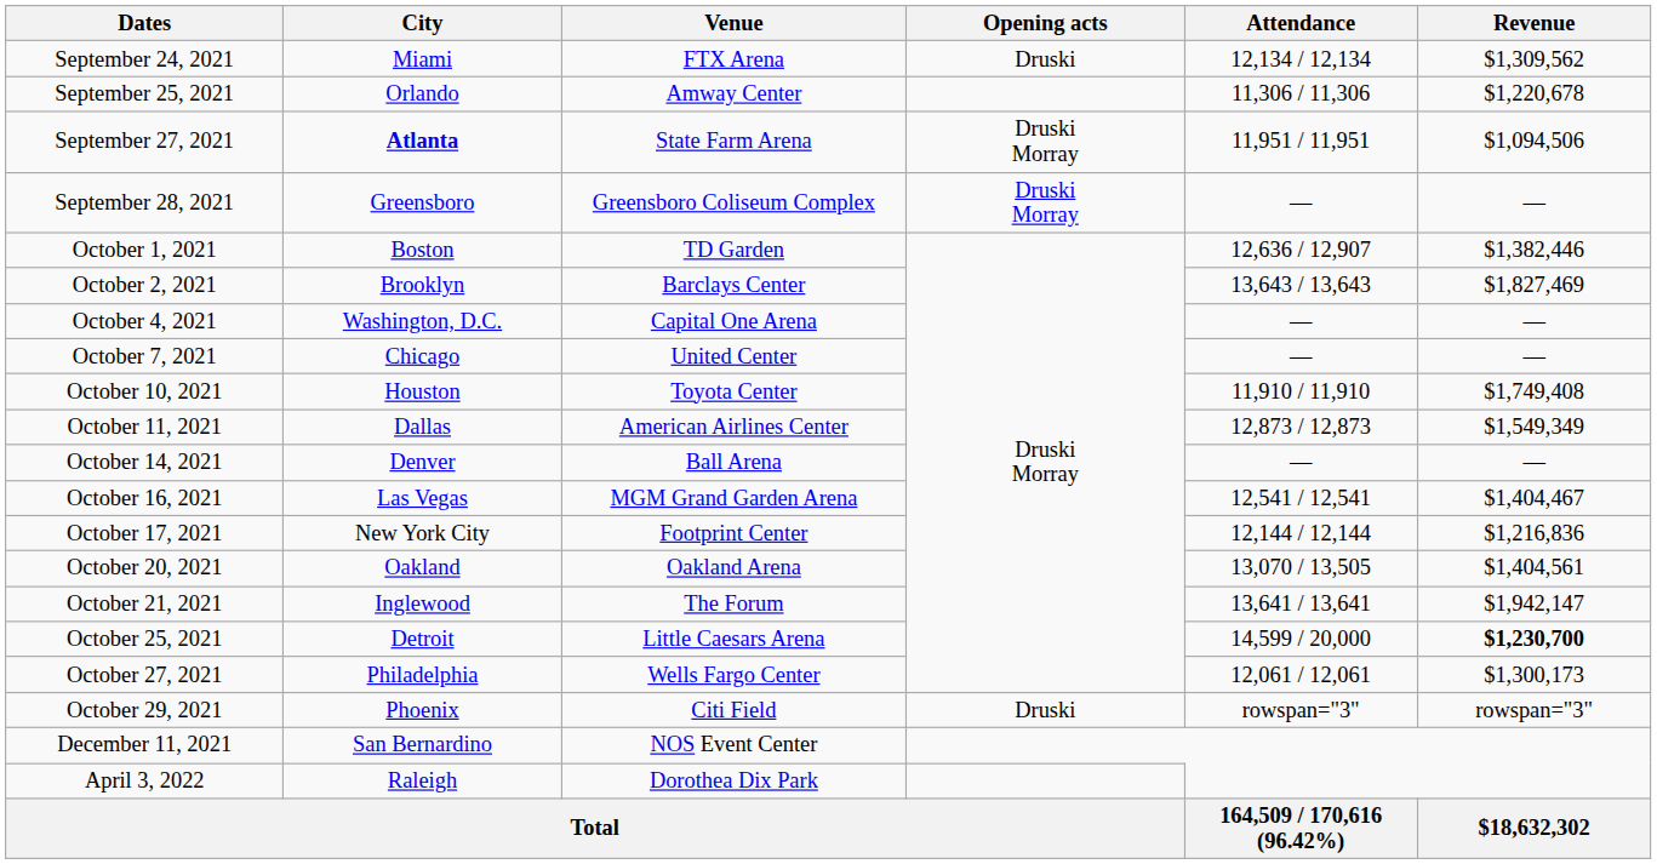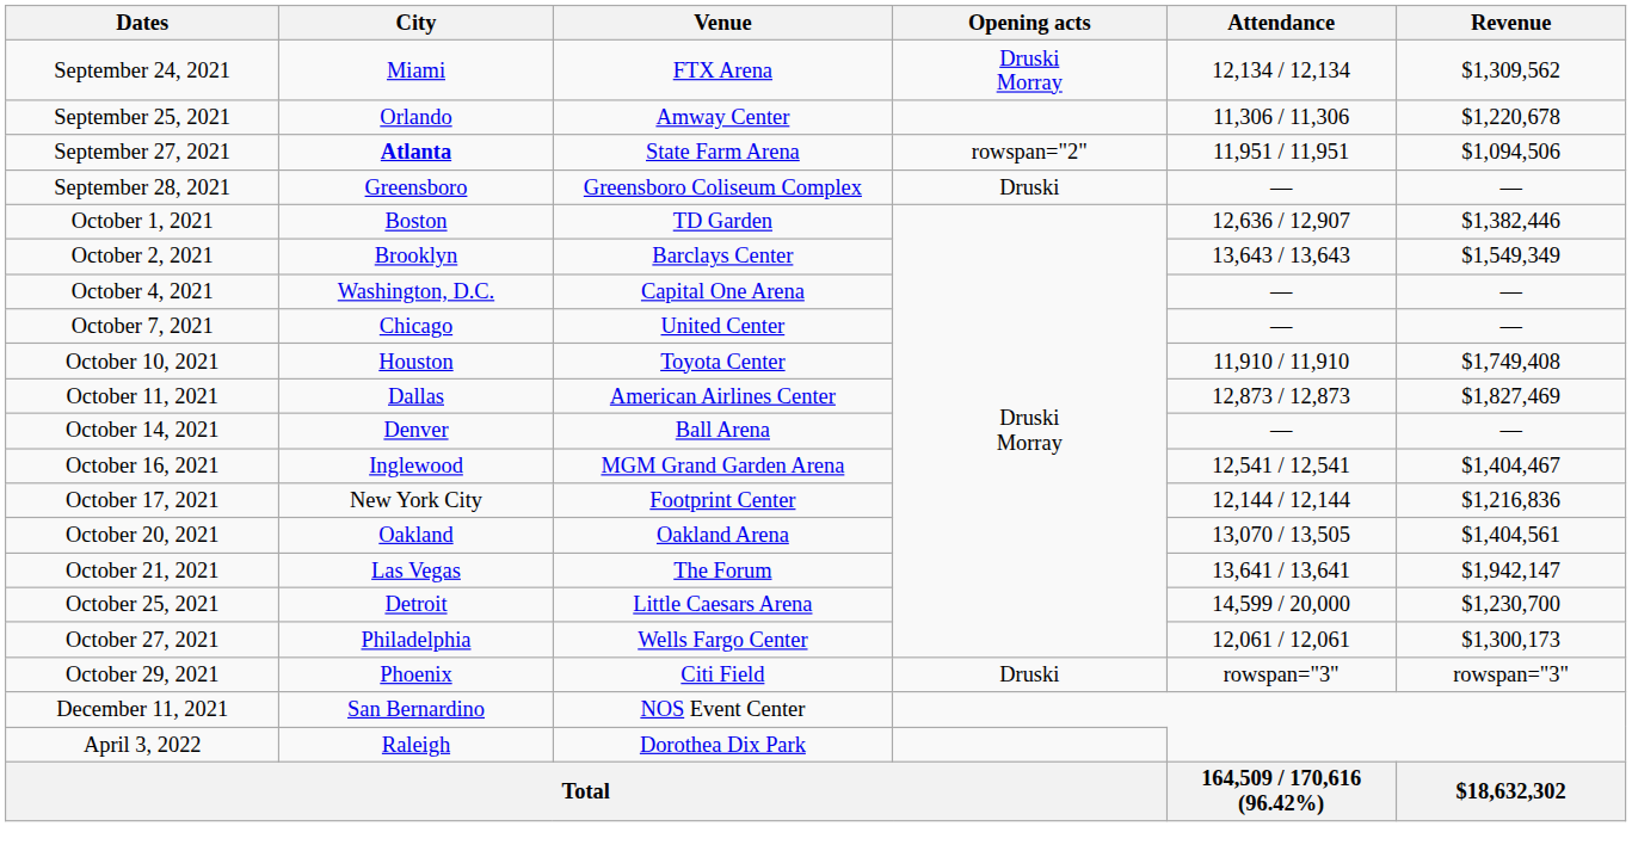 <table class="wikitable" style="text-align:center;">
 <tr>
 <th scope="col" style="width:12em;">Dates</th>
 <th scope="col" style="width:12em;">City</th>
 <th scope="col" style="width:15em;">Venue</th>
 <th scope="col" style="width:12em;">Opening acts</th>
 <th scope="col" style="width:10em;">Attendance</th>
 <th scope="col" style="width:10em;">Revenue</th>
 </tr>
 <tr>
 <td>September 24, 2021</td>
 <td><a href='#'>Miami</a></td>
 <td><a href='#'>FTX Arena</a></td>
-<td>Druski</td>
+<td><a href='#'>Druski</a><br><a href='#'>Morray</a></td>
 <td>12,134 / 12,134</td>
 <td>$1,309,562</td>
 </tr>
 <tr>
 <td>September 25, 2021</td>
 <td><a href='#'>Orlando</a></td>
 <td><a href='#'>Amway Center</a></td>
 <td></td>
 <td>11,306 / 11,306</td>
 <td>$1,220,678</td>
 </tr>
 <tr>
 <td>September 27, 2021</td>
 <td><strong><a href='#'>Atlanta</a></strong></td>
 <td><a href='#'>State Farm Arena</a></td>
-<td>Druski<br>Morray</td>
+<td>rowspan="2" </td>
 <td>11,951 / 11,951</td>
 <td>$1,094,506</td>
 </tr>
 <tr>
 <td>September 28, 2021</td>
 <td><a href='#'>Greensboro</a></td>
 <td><a href='#'>Greensboro Coliseum Complex</a></td>
-<td><a href='#'>Druski</a><br><a href='#'>Morray</a></td>
+<td>Druski</td>
 <td>—</td>
 <td>—</td>
 </tr>
 <tr>
 <td>October 1, 2021</td>
 <td><a href='#'>Boston</a></td>
 <td><a href='#'>TD Garden</a></td>
 <td rowspan="13">Druski<br>Morray</td>
 <td>12,636 / 12,907</td>
 <td>$1,382,446</td>
 </tr>
 <tr>
 <td>October 2, 2021</td>
 <td><a href='#'>Brooklyn</a></td>
 <td><a href='#'>Barclays Center</a></td>
 <td>13,643 / 13,643</td>
-<td>$1,827,469</td>
+<td>$1,549,349</td>
 </tr>
 <tr>
 <td>October 4, 2021</td>
 <td><a href='#'>Washington, D.C.</a></td>
 <td><a href='#'>Capital One Arena</a></td>
 <td>—</td>
 <td>—</td>
 </tr>
 <tr>
 <td>October 7, 2021</td>
 <td><a href='#'>Chicago</a></td>
 <td><a href='#'>United Center</a></td>
 <td>—</td>
 <td>—</td>
 </tr>
 <tr>
 <td>October 10, 2021</td>
 <td><a href='#'>Houston</a></td>
 <td><a href='#'>Toyota Center</a></td>
 <td>11,910 / 11,910</td>
 <td>$1,749,408</td>
 </tr>
 <tr>
 <td>October 11, 2021</td>
 <td><a href='#'>Dallas</a></td>
 <td><a href='#'>American Airlines Center</a></td>
 <td>12,873 / 12,873</td>
-<td>$1,549,349</td>
+<td>$1,827,469</td>
 </tr>
 <tr>
 <td>October 14, 2021</td>
 <td><a href='#'>Denver</a></td>
 <td><a href='#'>Ball Arena</a></td>
 <td>—</td>
 <td>—</td>
 </tr>
 <tr>
 <td>October 16, 2021</td>
-<td><a href='#'>Las Vegas</a></td>
+<td><a href='#'>Inglewood</a></td>
 <td><a href='#'>MGM Grand Garden Arena</a></td>
 <td>12,541 / 12,541</td>
 <td>$1,404,467</td>
 </tr>
 <tr>
 <td>October 17, 2021</td>
 <td>New York City</td>
 <td><a href='#'>Footprint Center</a></td>
 <td>12,144 / 12,144</td>
 <td>$1,216,836</td>
 </tr>
 <tr>
 <td>October 20, 2021</td>
 <td><a href='#'>Oakland</a></td>
 <td><a href='#'>Oakland Arena</a></td>
 <td>13,070 / 13,505</td>
 <td>$1,404,561</td>
 </tr>
 <tr>
 <td>October 21, 2021</td>
-<td><a href='#'>Inglewood</a></td>
+<td><a href='#'>Las Vegas</a></td>
 <td><a href='#'>The Forum</a></td>
 <td>13,641 / 13,641</td>
 <td>$1,942,147</td>
 </tr>
 <tr>
 <td>October 25, 2021</td>
 <td><a href='#'>Detroit</a></td>
 <td><a href='#'>Little Caesars Arena</a></td>
 <td>14,599 / 20,000</td>
-<td><strong>$1,230,700</strong></td>
+<td>$1,230,700</td>
 </tr>
 <tr>
 <td>October 27, 2021</td>
 <td><a href='#'>Philadelphia</a></td>
 <td><a href='#'>Wells Fargo Center</a></td>
 <td>12,061 / 12,061</td>
 <td>$1,300,173</td>
 </tr>
 <tr>
 <td>October 29, 2021</td>
 <td><a href='#'>Phoenix</a></td>
 <td><a href='#'>Citi Field</a></td>
 <td>Druski</td>
 <td>rowspan="3" </td>
 <td>rowspan="3" </td>
 </tr>
 <tr>
 <td>December 11, 2021</td>
 <td><a href='#'>San Bernardino</a> </td>
 <td><a href='#'>NOS</a> Event Center</td>
 </tr>
 <tr>
 <td>April 3, 2022</td>
 <td><a href='#'>Raleigh</a></td>
 <td><a href='#'>Dorothea Dix Park</a></td>
 <td></td>
 </tr>
 <tr>
 <th colspan="4">Total</th>
 <th>164,509 / 170,616 (96.42%)</th>
 <th><strong>$18,632,302</strong></th>
 </tr>
 </table>
